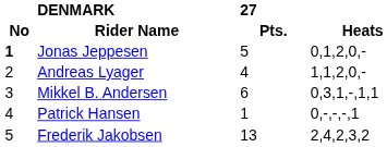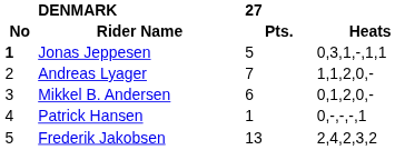 <table class="toccolours">
 <tr>
 <td></td>
 <td><strong>DENMARK</strong></td>
 <td><strong>27</strong></td>
 </tr>
 <tr style="background-color:">
 <th width=30px>No</th>
 <th width=210px>Rider Name</th>
 <th width=70px>Pts.</th>
 <th width=110px>Heats</th>
 </tr>
 <tr style="background-color:">
 <td><strong>1</strong></td>
 <td><a href='#'>Jonas Jeppesen</a></td>
 <td>5</td>
-<td>0,1,2,0,-</td>
+<td>0,3,1,-,1,1</td>
 </tr>
 <tr style="background-color:">
 <td>2</td>
 <td><a href='#'>Andreas Lyager</a></td>
-<td>4</td>
+<td>7</td>
 <td>1,1,2,0,-</td>
 </tr>
 <tr style="background-color:">
 <td>3</td>
 <td><a href='#'>Mikkel B. Andersen</a></td>
 <td>6</td>
-<td>0,3,1,-,1,1</td>
+<td>0,1,2,0,-</td>
 </tr>
 <tr style="background-color:">
 <td>4</td>
 <td><a href='#'>Patrick Hansen</a></td>
 <td>1</td>
 <td>0,-,-,-,1</td>
 </tr>
 <tr style="background-color:">
 <td>5</td>
 <td><a href='#'>Frederik Jakobsen</a></td>
 <td>13</td>
 <td>2,4,2,3,2</td>
 </tr>
 </table>
